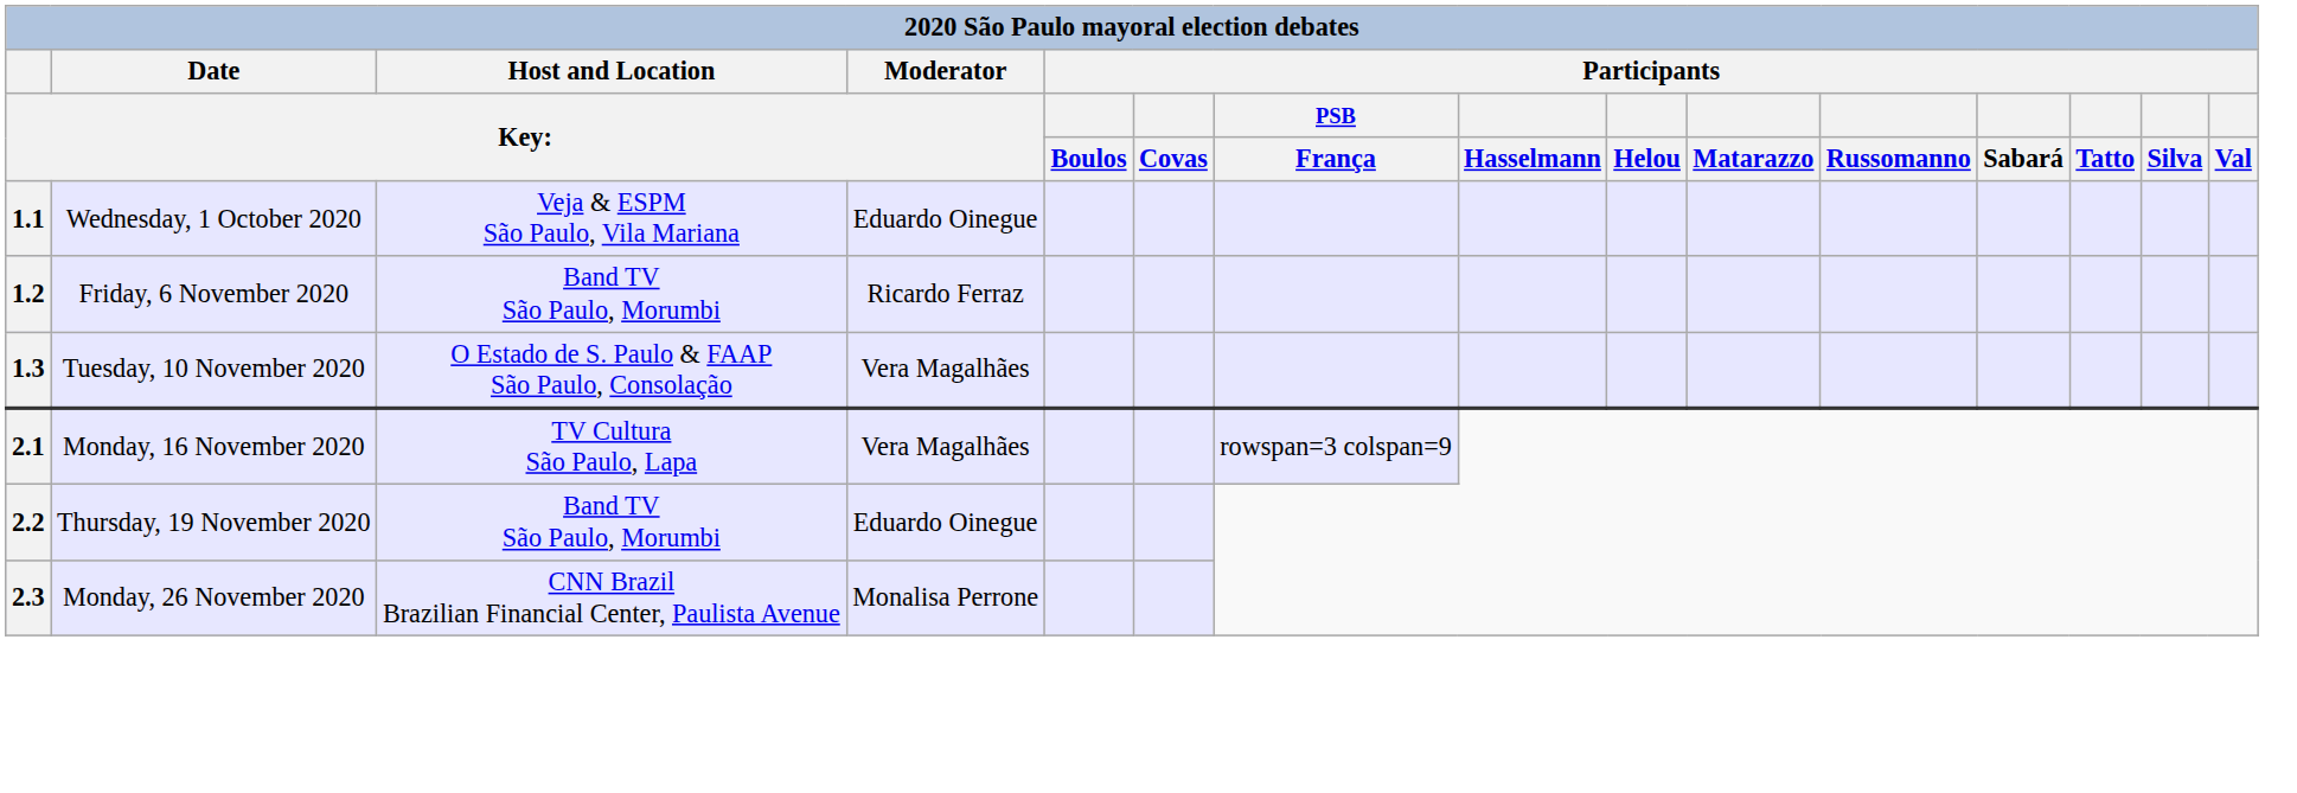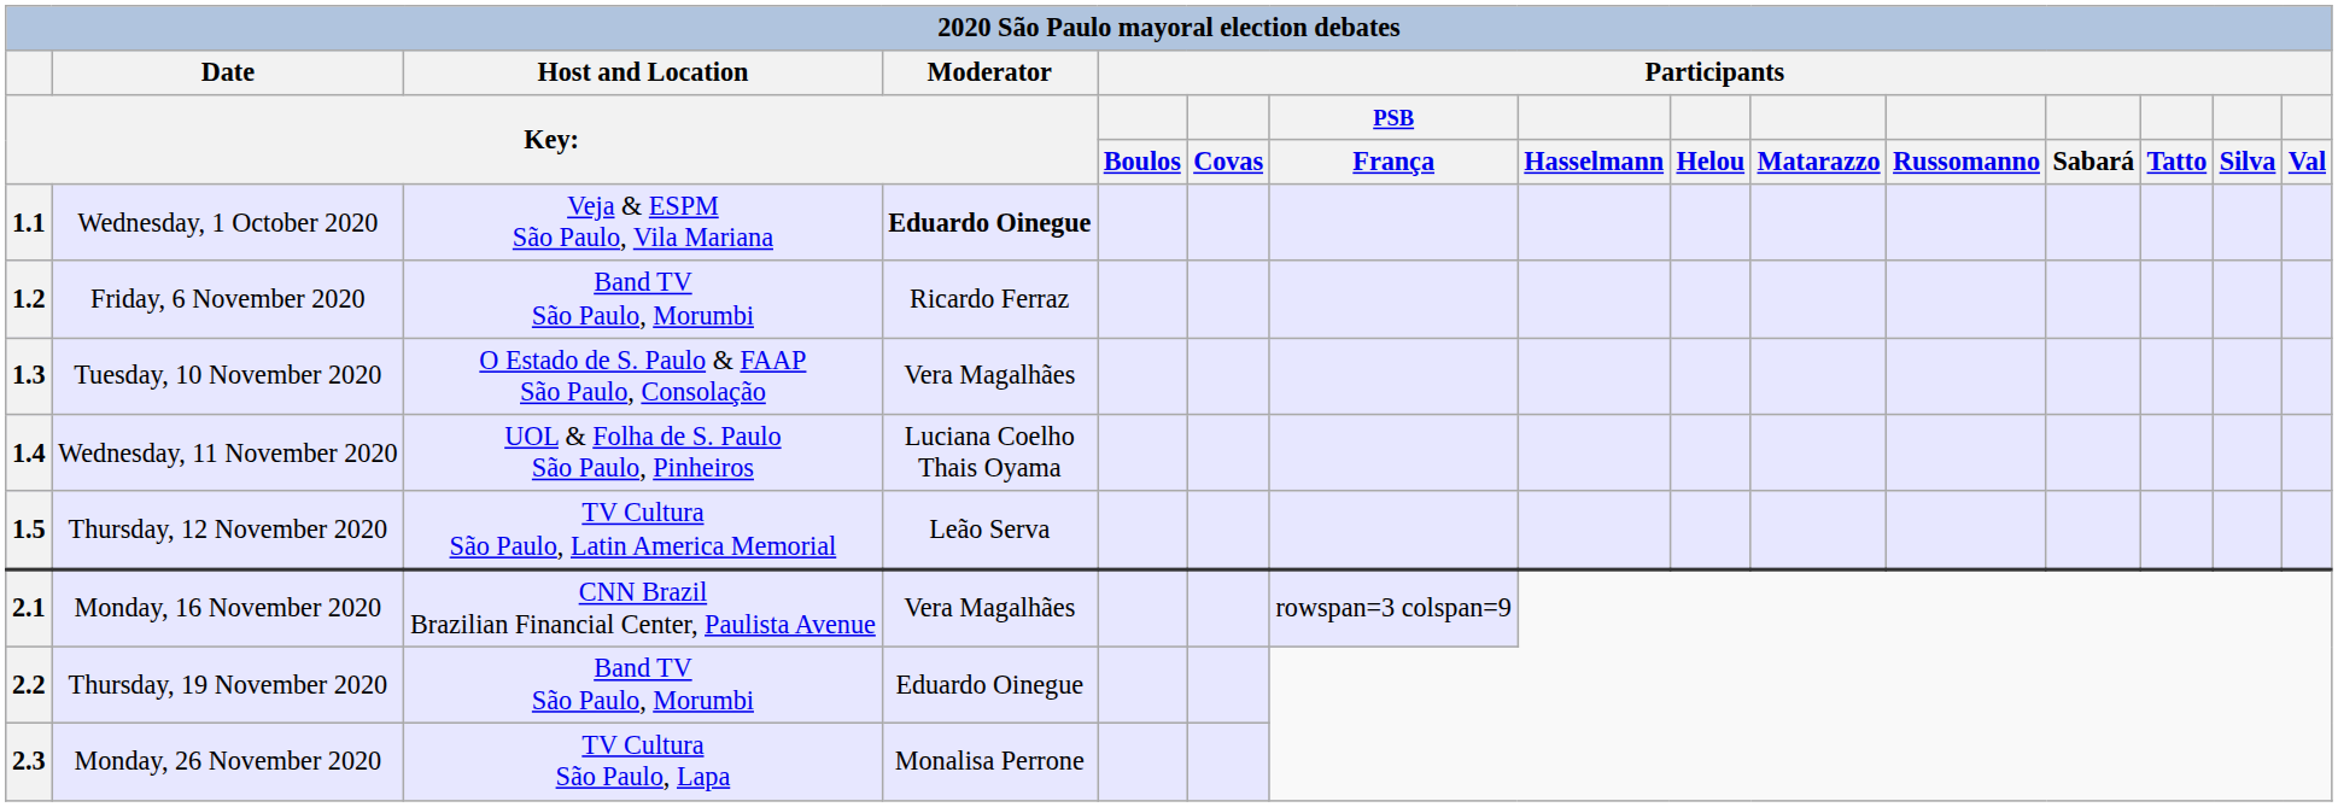 <table class=wikitable style="font-size:90%; line-height:1.2">
 <tr>
 <th colspan=15 style=background:#B0C4DE>2020 São Paulo mayoral election debates</th>
 </tr>
 <tr>
 <th style=white-space:nowrap> </th>
 <th>Date</th>
 <th>Host and Location</th>
 <th>Moderator</th>
 <th colspan=11 scope=col>Participants</th>
 </tr>
 <tr>
 <th colspan=4 rowspan=2>Key:<br></th>
 <th scope=col style=background:><small><a href='#'></a></small></th>
 <th scope=col style=background:><small><a href='#'></a></small></th>
 <th scope=col style=background:><small><a href='#'>PSB</a></small></th>
 <th scope=col style=background:><small><a href='#'></a></small></th>
 <th scope=col style=background:><small><a href='#'></a></small></th>
 <th scope=col style=background:><small><a href='#'></a></small></th>
 <th scope=col style=background:><small><a href='#'></a></small></th>
 <th scope=col style=background:><small><a href='#'></a></small></th>
 <th scope=col style=background:><small><a href='#'></a></small></th>
 <th scope=col style=background:><small><a href='#'></a></small></th>
 <th scope=col style=background:><small><a href='#'></a></small></th>
 </tr>
 <tr>
 <th><a href='#'>Boulos</a></th>
 <th><a href='#'>Covas</a></th>
 <th><a href='#'>França</a></th>
 <th><a href='#'>Hasselmann</a></th>
 <th><a href='#'>Helou</a></th>
 <th><a href='#'>Matarazzo</a></th>
 <th><a href='#'>Russomanno</a></th>
 <th>Sabará</th>
 <th><a href='#'>Tatto</a></th>
 <th><a href='#'>Silva</a></th>
 <th><a href='#'>Val</a></th>
 </tr>
 <tr style=background:#e7e7ff>
 <th>1.1</th>
 <td style="white-space:nowrap; text-align:center">Wednesday, 1 October 2020</td>
 <td style="white-space:nowrap; text-align:center"><a href='#'>Veja</a> & <a href='#'>ESPM</a><br><a href='#'>São Paulo</a>, <a href='#'>Vila Mariana</a></td>
-<td style="white-space:nowrap; text-align:center">Eduardo Oinegue</td>
+<td style="white-space:nowrap; text-align:center"><strong>Eduardo Oinegue</strong></td>
 <td></td>
 <td></td>
 <td></td>
 <td></td>
 <td></td>
 <td></td>
 <td></td>
 <td></td>
 <td></td>
 <td></td>
 <td></td>
 </tr>
 <tr style=background:#e7e7ff>
 <th>1.2</th>
 <td style="white-space:nowrap; text-align:center">Friday, 6 November 2020</td>
 <td style="white-space:nowrap; text-align:center"><a href='#'>Band TV</a><br><a href='#'>São Paulo</a>, <a href='#'>Morumbi</a></td>
 <td style="white-space:nowrap; text-align:center">Ricardo Ferraz</td>
 <td></td>
 <td></td>
 <td></td>
 <td></td>
 <td></td>
 <td></td>
 <td></td>
 <td></td>
 <td></td>
 <td></td>
 <td></td>
 </tr>
 <tr style=background:#e7e7ff>
 <th>1.3</th>
 <td style="white-space:nowrap; text-align:center">Tuesday, 10 November 2020</td>
 <td style="white-space:nowrap; text-align:center"><a href='#'>O Estado de S. Paulo</a> & <a href='#'>FAAP</a><br><a href='#'>São Paulo</a>, <a href='#'>Consolação</a></td>
 <td style="white-space:nowrap; text-align:center">Vera Magalhães</td>
 <td></td>
 <td></td>
 <td></td>
 <td></td>
 <td></td>
 <td></td>
 <td></td>
 <td></td>
 <td></td>
 <td></td>
 <td></td>
 </tr>
+<tr style=background:#e7e7ff>
+<th>1.4</th>
+<td style="white-space:nowrap; text-align:center">Wednesday, 11 November 2020</td>
+<td style="white-space:nowrap; text-align:center"><a href='#'>UOL</a> & <a href='#'>Folha de S. Paulo</a><br><a href='#'>São Paulo</a>, <a href='#'>Pinheiros</a></td>
+<td style="white-space:nowrap; text-align:center">Luciana Coelho<br>Thais Oyama</td>
+<td></td>
+<td></td>
+<td></td>
+<td></td>
+<td></td>
+<td></td>
+<td></td>
+<td></td>
+<td></td>
+<td></td>
+<td></td>
+</tr>
+<tr style=background:#e7e7ff>
+<th>1.5</th>
+<td style="white-space:nowrap; text-align:center">Thursday, 12 November 2020</td>
+<td style="white-space:nowrap; text-align:center"><a href='#'>TV Cultura</a><br><a href='#'>São Paulo</a>, <a href='#'>Latin America Memorial</a></td>
+<td style="white-space:nowrap; text-align:center">Leão Serva</td>
+<td></td>
+<td></td>
+<td></td>
+<td></td>
+<td></td>
+<td></td>
+<td></td>
+<td></td>
+<td></td>
+<td></td>
+<td></td>
+</tr>
 <tr style="background:#e7e7ff; border-top: 2px solid #333333">
 <th>2.1</th>
 <td style="white-space:nowrap; text-align:center">Monday, 16 November 2020</td>
-<td style="white-space:nowrap; text-align:center"><a href='#'>TV Cultura</a><br><a href='#'>São Paulo</a>, <a href='#'>Lapa</a></td>
+<td style="white-space:nowrap; text-align:center"><a href='#'>CNN Brazil</a><br>Brazilian Financial Center, <a href='#'>Paulista Avenue</a></td>
 <td style="white-space:nowrap; text-align:center">Vera Magalhães</td>
 <td></td>
 <td></td>
 <td>rowspan=3 colspan=9 </td>
 </tr>
 <tr style=background:#e7e7ff>
 <th>2.2</th>
 <td style="white-space:nowrap; text-align:center">Thursday, 19 November 2020</td>
 <td style="white-space:nowrap; text-align:center"><a href='#'>Band TV</a><br><a href='#'>São Paulo</a>, <a href='#'>Morumbi</a></td>
 <td style="white-space:nowrap; text-align:center">Eduardo Oinegue</td>
 <td></td>
 <td></td>
 </tr>
 <tr style=background:#e7e7ff>
 <th>2.3</th>
 <td style="white-space:nowrap; text-align:center">Monday, 26 November 2020</td>
-<td style="white-space:nowrap; text-align:center"><a href='#'>CNN Brazil</a><br>Brazilian Financial Center, <a href='#'>Paulista Avenue</a></td>
+<td style="white-space:nowrap; text-align:center"><a href='#'>TV Cultura</a><br><a href='#'>São Paulo</a>, <a href='#'>Lapa</a></td>
 <td style="white-space:nowrap; text-align:center">Monalisa Perrone</td>
 <td></td>
 <td></td>
 </tr>
 </table>
